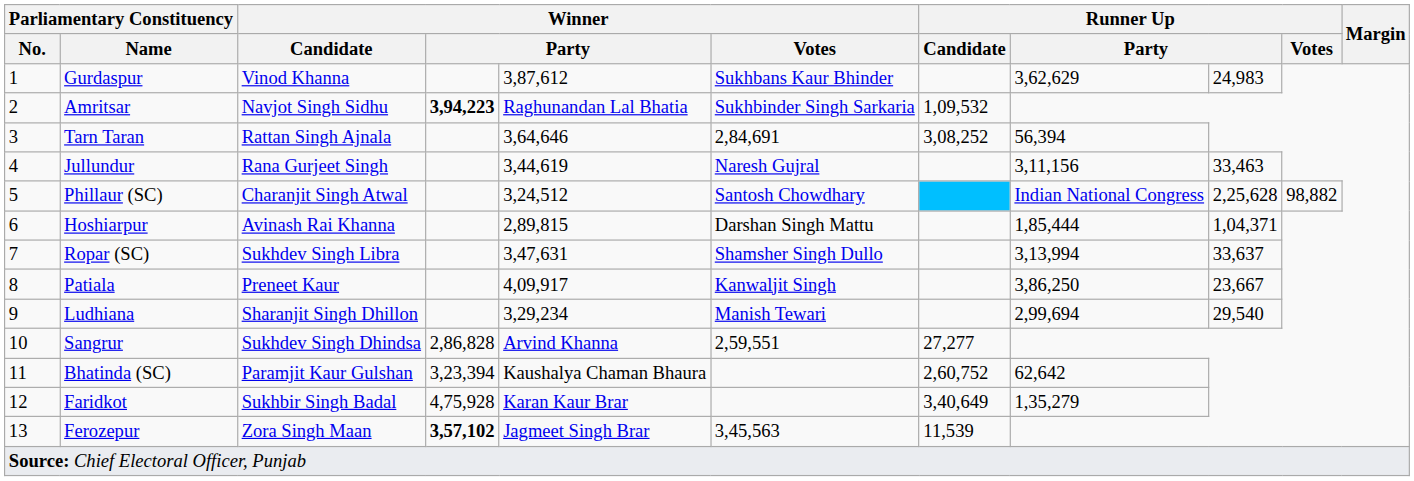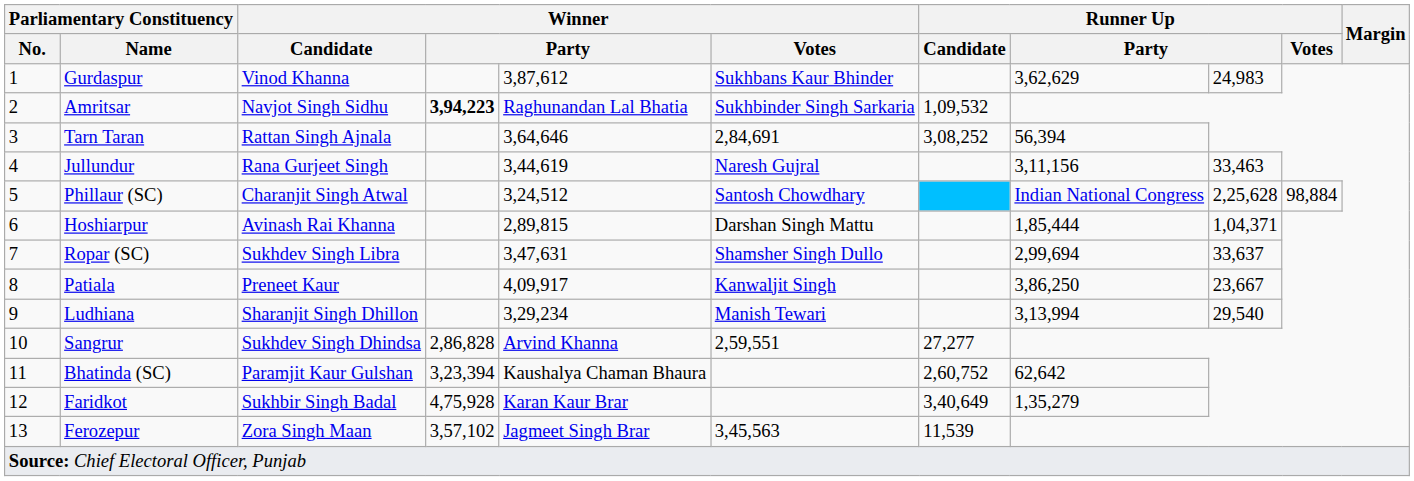 <table class="wikitable sortable">
 <tr>
 <th colspan="2">Parliamentary Constituency</th>
 <th colspan="4">Winner</th>
 <th colspan="4">Runner Up</th>
 <th rowspan="2">Margin</th>
 </tr>
 <tr>
 <th>No.</th>
 <th>Name</th>
 <th>Candidate</th>
 <th Colspan=2>Party</th>
 <th>Votes</th>
 <th>Candidate</th>
 <th Colspan=2>Party</th>
 <th>Votes</th>
 </tr>
 <tr>
 <td>1</td>
 <td><a href='#'>Gurdaspur</a></td>
 <td><a href='#'>Vinod Khanna</a></td>
 <td></td>
 <td>3,87,612</td>
 <td><a href='#'>Sukhbans Kaur Bhinder</a></td>
 <td></td>
 <td>3,62,629</td>
 <td style="background:">24,983</td>
 </tr>
 <tr>
 <td>2</td>
 <td><a href='#'>Amritsar</a></td>
 <td><a href='#'>Navjot Singh Sidhu</a></td>
 <td><strong>3,94,223</strong></td>
 <td><a href='#'>Raghunandan Lal Bhatia</a></td>
 <td><a href='#'>Sukhbinder Singh Sarkaria</a></td>
 <td style="background:">1,09,532</td>
 </tr>
 <tr>
 <td>3</td>
 <td><a href='#'>Tarn Taran</a></td>
 <td><a href='#'>Rattan Singh Ajnala</a></td>
 <td></td>
 <td>3,64,646</td>
 <td>2,84,691</td>
 <td>3,08,252</td>
 <td style="background:">56,394</td>
 </tr>
 <tr>
 <td>4</td>
 <td><a href='#'>Jullundur</a></td>
 <td><a href='#'>Rana Gurjeet Singh</a></td>
 <td></td>
 <td>3,44,619</td>
 <td><a href='#'>Naresh Gujral</a></td>
 <td></td>
 <td>3,11,156</td>
 <td style="background:">33,463</td>
 </tr>
 <tr>
 <td>5</td>
 <td><a href='#'>Phillaur</a> (SC)</td>
 <td><a href='#'>Charanjit Singh Atwal</a></td>
 <td></td>
 <td>3,24,512</td>
 <td><a href='#'>Santosh Chowdhary</a></td>
 <td bgcolor=#00BFFF></td>
 <td><a href='#'>Indian National Congress</a></td>
 <td>2,25,628</td>
-<td style="background:">98,882</td>
+<td style="background:">98,884</td>
 </tr>
 <tr>
 <td>6</td>
 <td><a href='#'>Hoshiarpur</a></td>
 <td><a href='#'>Avinash Rai Khanna</a></td>
 <td></td>
 <td>2,89,815</td>
 <td>Darshan Singh Mattu</td>
 <td></td>
 <td>1,85,444</td>
 <td style="background:">1,04,371</td>
 </tr>
 <tr>
 <td>7</td>
 <td><a href='#'>Ropar</a> (SC)</td>
 <td><a href='#'>Sukhdev Singh Libra</a></td>
 <td></td>
 <td>3,47,631</td>
 <td><a href='#'>Shamsher Singh Dullo</a></td>
 <td></td>
-<td>3,13,994</td>
+<td>2,99,694</td>
 <td style="background:">33,637</td>
 </tr>
 <tr>
 <td>8</td>
 <td><a href='#'>Patiala</a></td>
 <td><a href='#'>Preneet Kaur</a></td>
 <td></td>
 <td>4,09,917</td>
 <td><a href='#'>Kanwaljit Singh</a></td>
 <td></td>
 <td>3,86,250</td>
 <td style="background:">23,667</td>
 </tr>
 <tr>
 <td>9</td>
 <td><a href='#'>Ludhiana</a></td>
 <td><a href='#'>Sharanjit Singh Dhillon</a></td>
 <td></td>
 <td>3,29,234</td>
 <td><a href='#'>Manish Tewari</a></td>
 <td></td>
-<td>2,99,694</td>
+<td>3,13,994</td>
 <td style="background:">29,540</td>
 </tr>
 <tr>
 <td>10</td>
 <td><a href='#'>Sangrur</a></td>
 <td><a href='#'>Sukhdev Singh Dhindsa</a></td>
 <td>2,86,828</td>
 <td><a href='#'>Arvind Khanna</a></td>
 <td>2,59,551</td>
 <td style="background:">27,277</td>
 </tr>
 <tr>
 <td>11</td>
 <td><a href='#'>Bhatinda</a> (SC)</td>
 <td><a href='#'>Paramjit Kaur Gulshan</a></td>
 <td>3,23,394</td>
 <td>Kaushalya Chaman Bhaura</td>
 <td></td>
 <td>2,60,752</td>
 <td style="background:">62,642</td>
 </tr>
 <tr>
 <td>12</td>
 <td><a href='#'>Faridkot</a></td>
 <td><a href='#'>Sukhbir Singh Badal</a></td>
 <td>4,75,928</td>
 <td><a href='#'>Karan Kaur Brar</a></td>
 <td></td>
 <td>3,40,649</td>
 <td style="background:">1,35,279</td>
 </tr>
 <tr>
 <td>13</td>
 <td><a href='#'>Ferozepur</a></td>
 <td><a href='#'>Zora Singh Maan</a></td>
-<td><strong>3,57,102</strong></td>
+<td>3,57,102</td>
 <td><a href='#'>Jagmeet Singh Brar</a></td>
 <td>3,45,563</td>
 <td style="background:">11,539</td>
 </tr>
 <tr>
 <td colspan="11" style="background-color:#EAECF0;text-align:left"><strong>Source:</strong> <em>Chief Electoral Officer, Punjab</em></td>
 </tr>
 </table>
